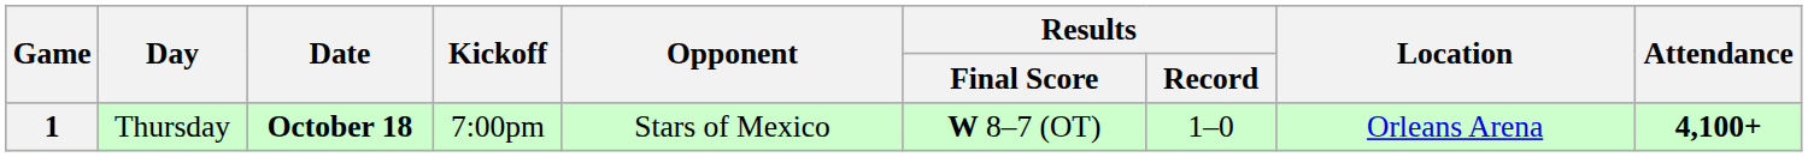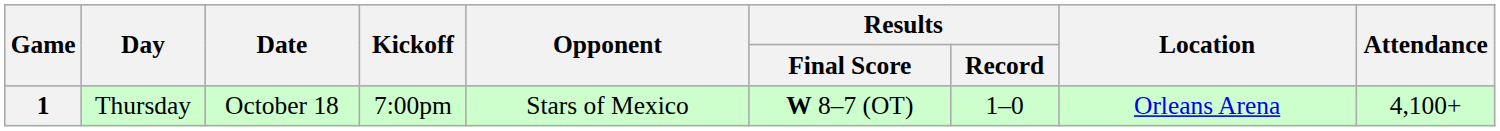 <table class="wikitable">
 <tr>
 <th rowspan="2" width="40">Game</th>
 <th rowspan="2" width="70">Day</th>
 <th rowspan="2" width="90">Date</th>
 <th rowspan="2" width="60">Kickoff</th>
 <th rowspan="2" width="170">Opponent</th>
 <th colspan="2" width="180">Results</th>
 <th rowspan="2" width="180">Location</th>
 <th rowspan="2" width="80">Attendance</th>
 </tr>
 <tr>
 <th width="120">Final Score</th>
 <th width="60">Record</th>
 </tr>
 <tr align="center" bgcolor="#CCFFCC">
 <th>1</th>
 <td>Thursday</td>
-<td><strong>October 18</strong></td>
+<td>October 18</td>
 <td>7:00pm</td>
 <td>Stars of Mexico</td>
 <td><strong>W</strong> 8–7 (OT)</td>
 <td>1–0</td>
 <td><a href='#'>Orleans Arena</a></td>
-<td><strong>4,100+</strong></td>
+<td>4,100+</td>
 </tr>
 </table>
